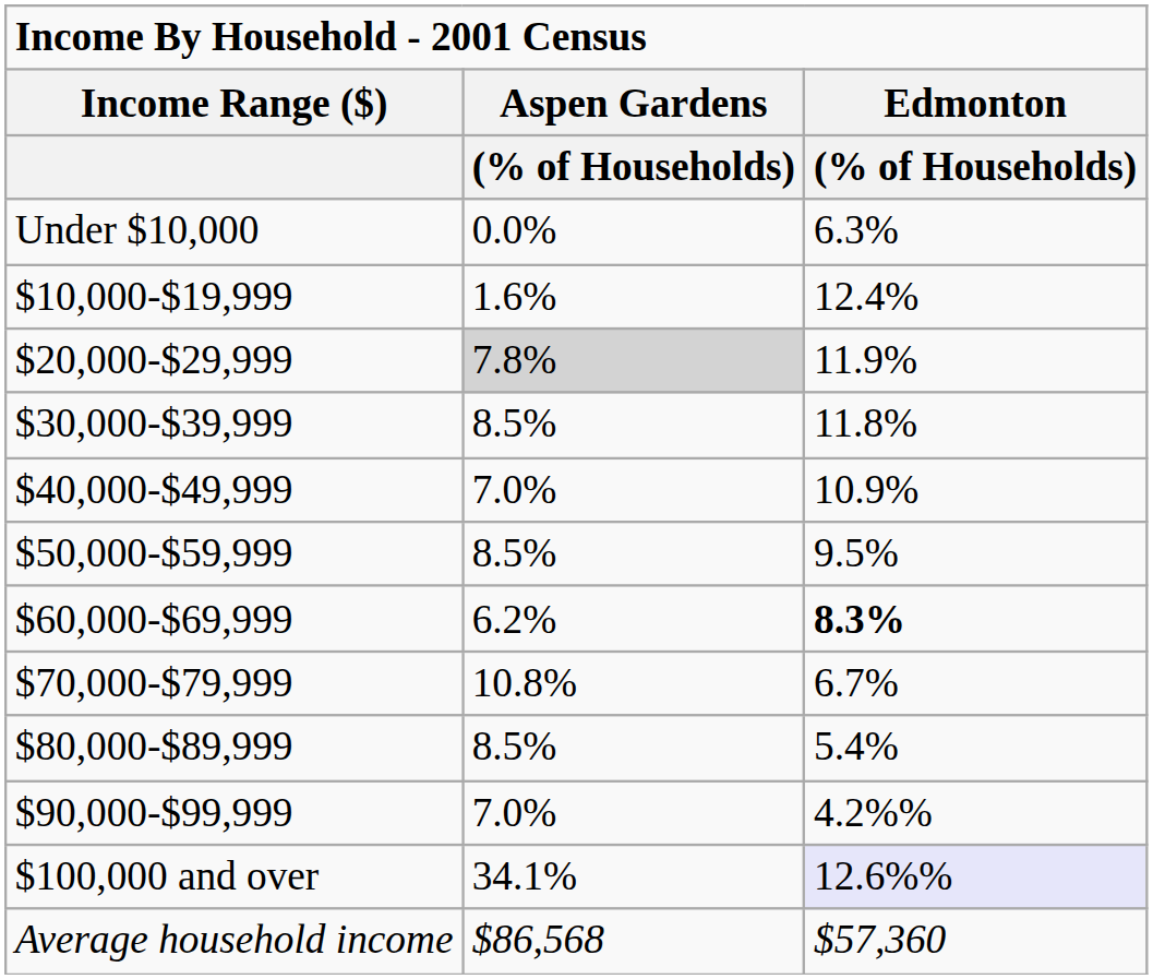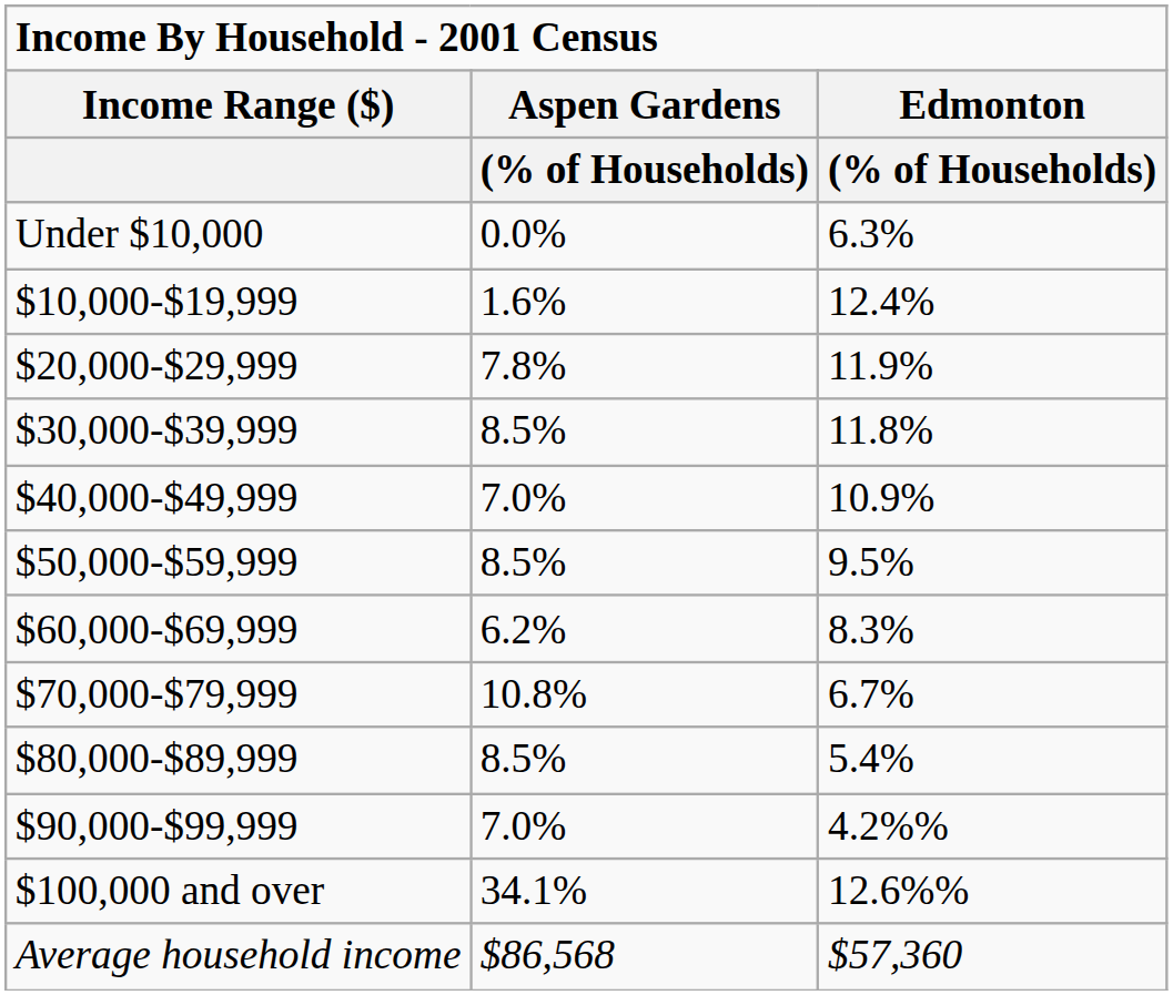 <table class="wikitable">
 <tr>
 <td colspan="3"><strong>Income By Household - 2001 Census</strong></td>
 </tr>
 <tr>
 <th>Income Range ($)</th>
 <th>Aspen Gardens</th>
 <th>Edmonton</th>
 </tr>
 <tr>
 <th></th>
 <th>(% of Households)</th>
 <th>(% of Households)</th>
 </tr>
 <tr>
 <td>Under $10,000</td>
 <td>0.0%</td>
 <td>6.3%</td>
 </tr>
 <tr>
 <td>$10,000-$19,999</td>
 <td>1.6%</td>
 <td>12.4%</td>
 </tr>
 <tr>
 <td>$20,000-$29,999</td>
-<td style="background: lightgrey;">7.8%</td>
+<td>7.8%</td>
 <td>11.9%</td>
 </tr>
 <tr>
 <td>$30,000-$39,999</td>
 <td>8.5%</td>
 <td>11.8%</td>
 </tr>
 <tr>
 <td>$40,000-$49,999</td>
 <td>7.0%</td>
 <td>10.9%</td>
 </tr>
 <tr>
 <td>$50,000-$59,999</td>
 <td>8.5%</td>
 <td>9.5%</td>
 </tr>
 <tr>
 <td>$60,000-$69,999</td>
 <td>6.2%</td>
-<td><strong>8.3%</strong></td>
+<td>8.3%</td>
 </tr>
 <tr>
 <td>$70,000-$79,999</td>
 <td>10.8%</td>
 <td>6.7%</td>
 </tr>
 <tr>
 <td>$80,000-$89,999</td>
 <td>8.5%</td>
 <td>5.4%</td>
 </tr>
 <tr>
 <td>$90,000-$99,999</td>
 <td>7.0%</td>
 <td>4.2%%</td>
 </tr>
 <tr>
 <td>$100,000 and over</td>
 <td>34.1%</td>
-<td style="background: lavender;">12.6%%</td>
+<td>12.6%%</td>
 </tr>
 <tr>
 <td><em>Average household income</em></td>
 <td><em>$86,568</em></td>
 <td><em>$57,360</em></td>
 </tr>
 </table>
